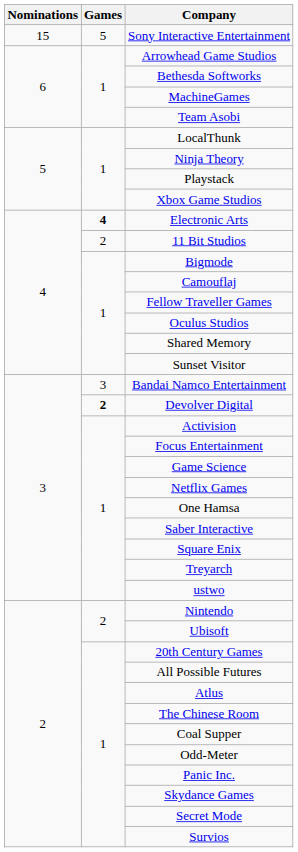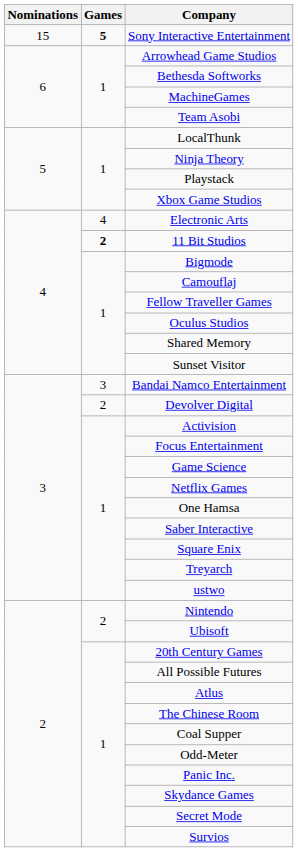 <table class="wikitable floatright" rowspan="2" style="text-align:center;" background: #f6e39c;>
 <tr>
 <th scope="col">Nominations</th>
 <th scope="col">Games</th>
 <th scope="col">Company</th>
 </tr>
 <tr>
 <td>15</td>
-<td>5</td>
+<td><strong>5</strong></td>
 <td><a href='#'>Sony Interactive Entertainment</a></td>
 </tr>
 <tr>
 <td rowspan="4">6</td>
 <td rowspan="4">1</td>
 <td><a href='#'>Arrowhead Game Studios</a></td>
 </tr>
 <tr>
 <td><a href='#'>Bethesda Softworks</a></td>
 </tr>
 <tr>
 <td><a href='#'>MachineGames</a></td>
 </tr>
 <tr>
 <td><a href='#'>Team Asobi</a></td>
 </tr>
 <tr>
 <td rowspan="4">5</td>
 <td rowspan="4">1</td>
 <td>LocalThunk</td>
 </tr>
 <tr>
 <td><a href='#'>Ninja Theory</a></td>
 </tr>
 <tr>
 <td>Playstack</td>
 </tr>
 <tr>
 <td><a href='#'>Xbox Game Studios</a></td>
 </tr>
 <tr>
 <td rowspan="8">4</td>
-<td><strong>4</strong></td>
+<td>4</td>
 <td><a href='#'>Electronic Arts</a></td>
 </tr>
 <tr>
-<td>2</td>
+<td><strong>2</strong></td>
 <td><a href='#'>11 Bit Studios</a></td>
 </tr>
 <tr>
 <td rowspan="6">1</td>
 <td><a href='#'>Bigmode</a></td>
 </tr>
 <tr>
 <td><a href='#'>Camouflaj</a></td>
 </tr>
 <tr>
 <td><a href='#'>Fellow Traveller Games</a></td>
 </tr>
 <tr>
 <td><a href='#'>Oculus Studios</a></td>
 </tr>
 <tr>
 <td>Shared Memory</td>
 </tr>
 <tr>
 <td>Sunset Visitor</td>
 </tr>
 <tr>
 <td rowspan="11">3</td>
 <td>3</td>
 <td><a href='#'>Bandai Namco Entertainment</a></td>
 </tr>
 <tr>
-<td><strong>2</strong></td>
+<td>2</td>
 <td><a href='#'>Devolver Digital</a></td>
 </tr>
 <tr>
 <td rowspan="9">1</td>
 <td><a href='#'>Activision</a></td>
 </tr>
 <tr>
 <td><a href='#'>Focus Entertainment</a></td>
 </tr>
 <tr>
 <td><a href='#'>Game Science</a></td>
 </tr>
 <tr>
 <td><a href='#'>Netflix Games</a></td>
 </tr>
 <tr>
 <td>One Hamsa</td>
 </tr>
 <tr>
 <td><a href='#'>Saber Interactive</a></td>
 </tr>
 <tr>
 <td><a href='#'>Square Enix</a></td>
 </tr>
 <tr>
 <td><a href='#'>Treyarch</a></td>
 </tr>
 <tr>
 <td><a href='#'>ustwo</a></td>
 </tr>
 <tr>
 <td rowspan="12">2</td>
 <td rowspan="2">2</td>
 <td><a href='#'>Nintendo</a></td>
 </tr>
 <tr>
 <td><a href='#'>Ubisoft</a></td>
 </tr>
 <tr>
 <td rowspan="10">1</td>
 <td><a href='#'>20th Century Games</a></td>
 </tr>
 <tr>
 <td>All Possible Futures</td>
 </tr>
 <tr>
 <td><a href='#'>Atlus</a></td>
 </tr>
 <tr>
 <td><a href='#'>The Chinese Room</a></td>
 </tr>
 <tr>
 <td>Coal Supper</td>
 </tr>
 <tr>
 <td>Odd-Meter</td>
 </tr>
 <tr>
 <td><a href='#'>Panic Inc.</a></td>
 </tr>
 <tr>
 <td><a href='#'>Skydance Games</a></td>
 </tr>
 <tr>
 <td><a href='#'>Secret Mode</a></td>
 </tr>
 <tr>
 <td><a href='#'>Survios</a></td>
 </tr>
 </table>
